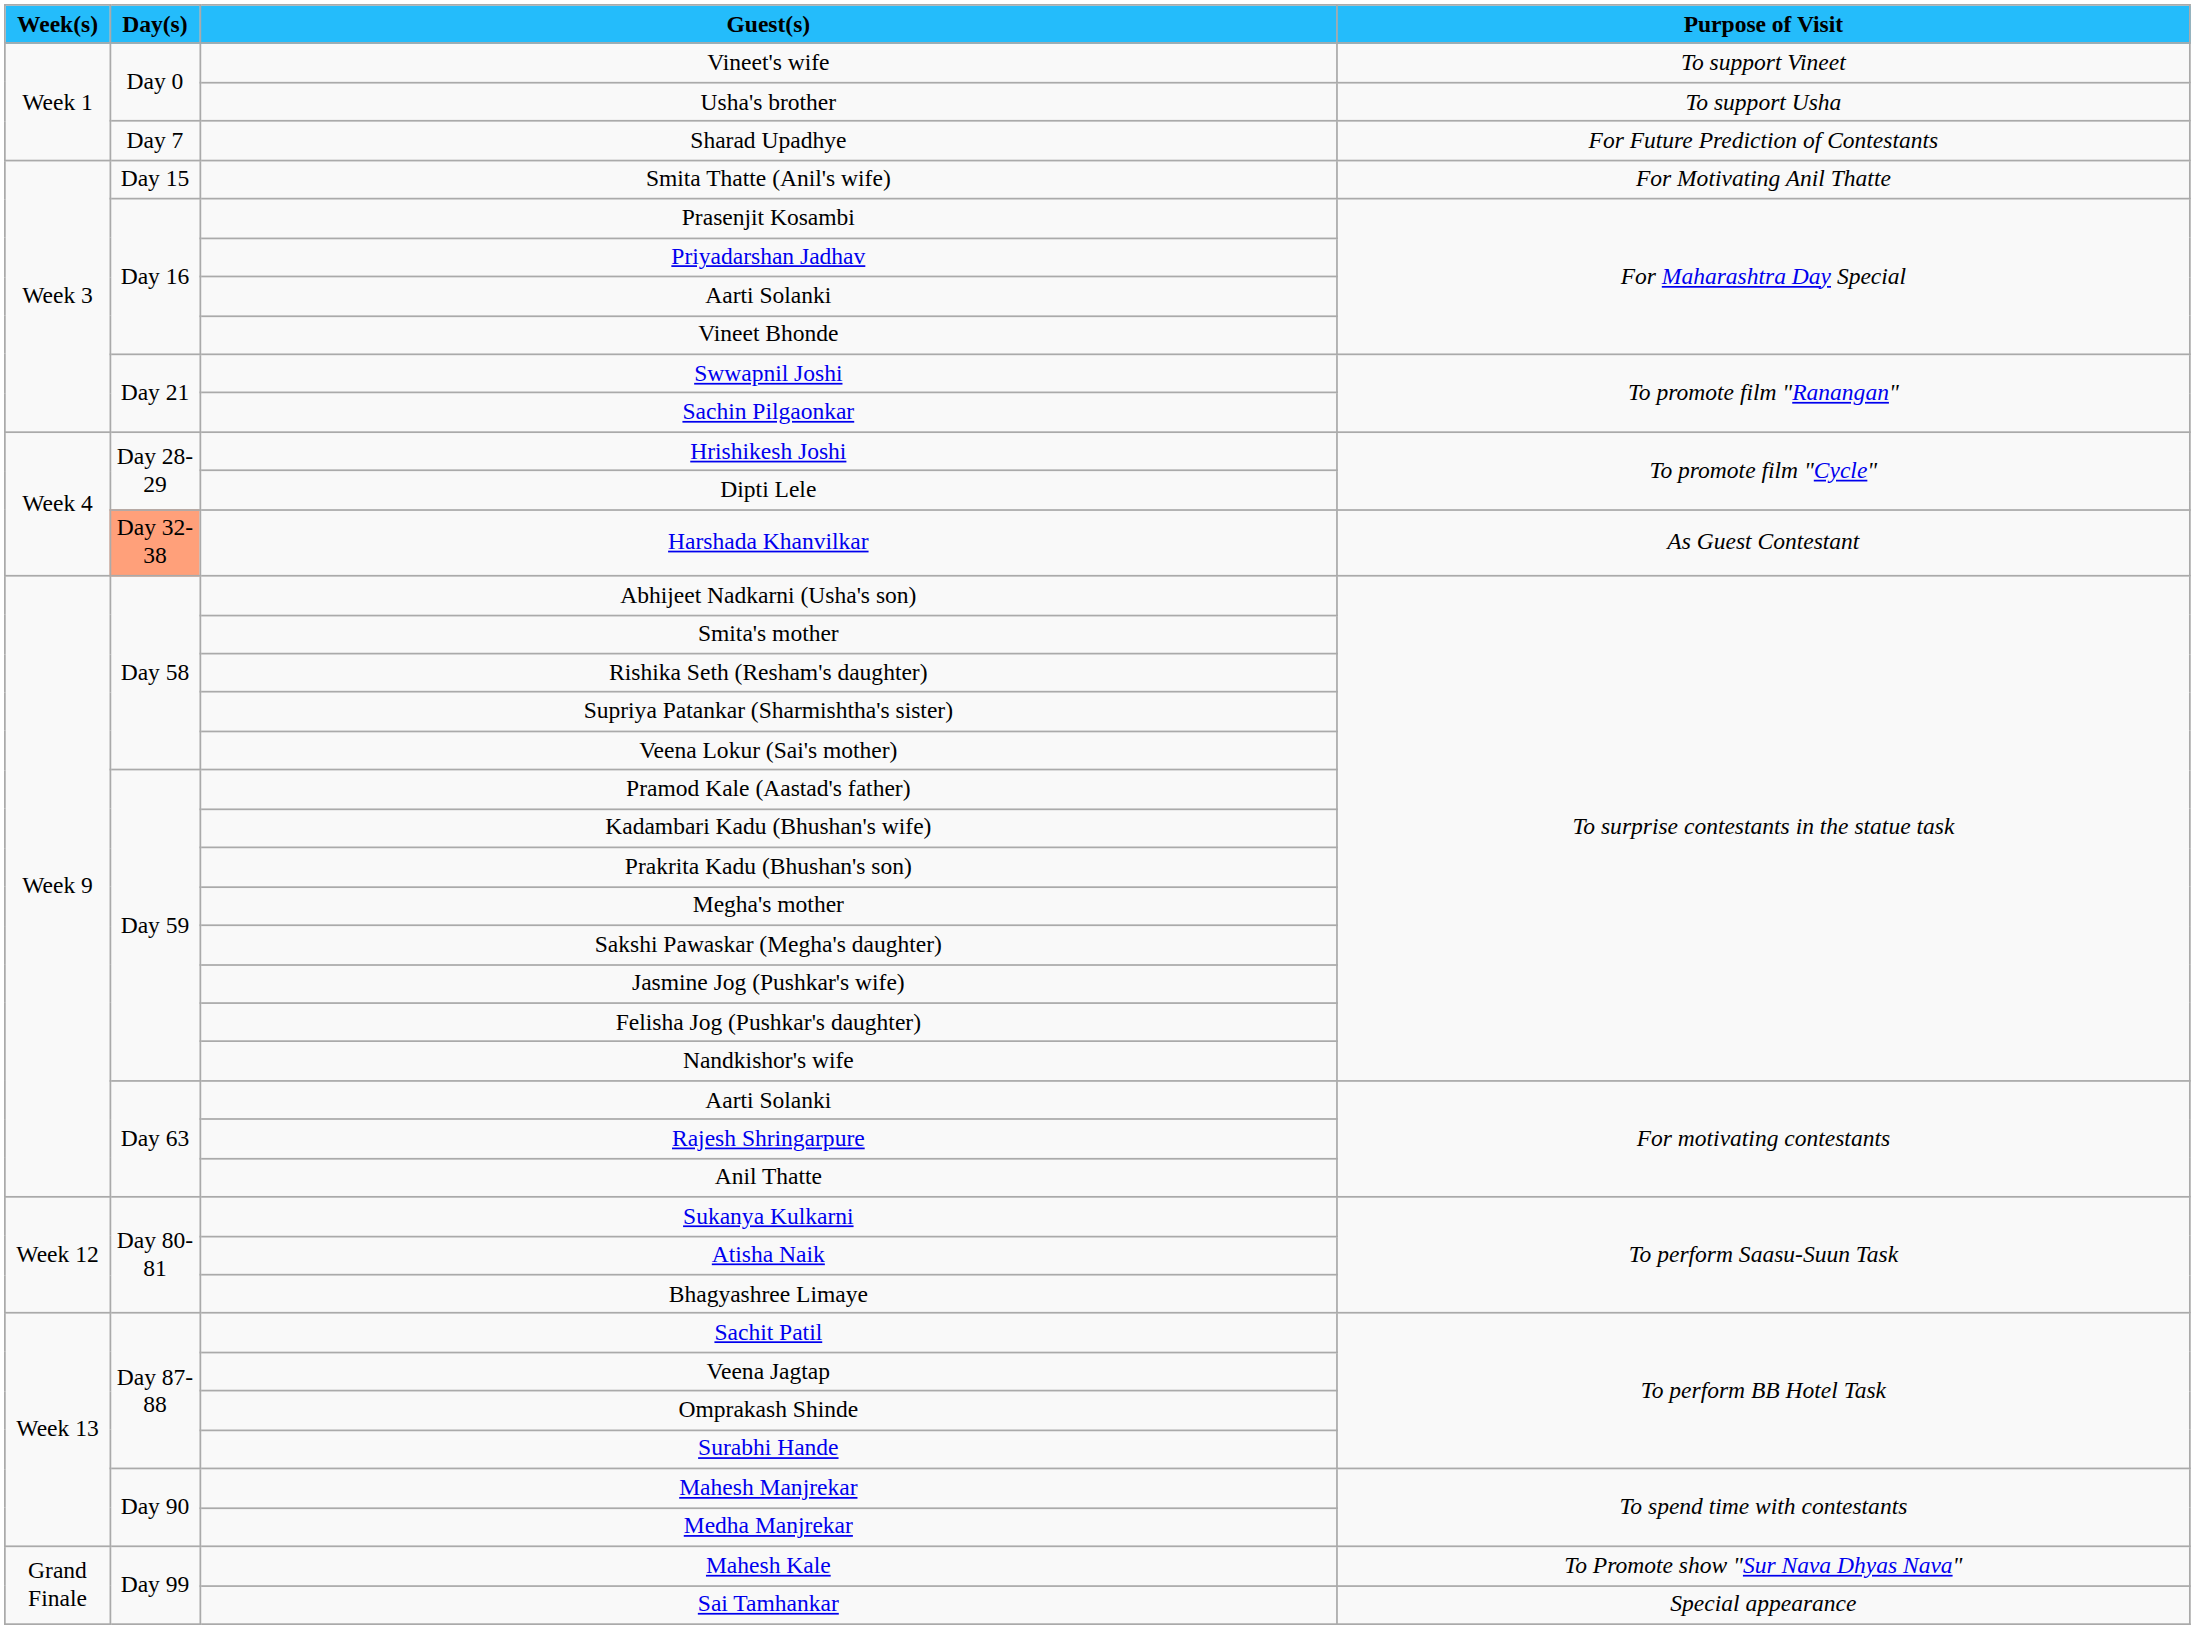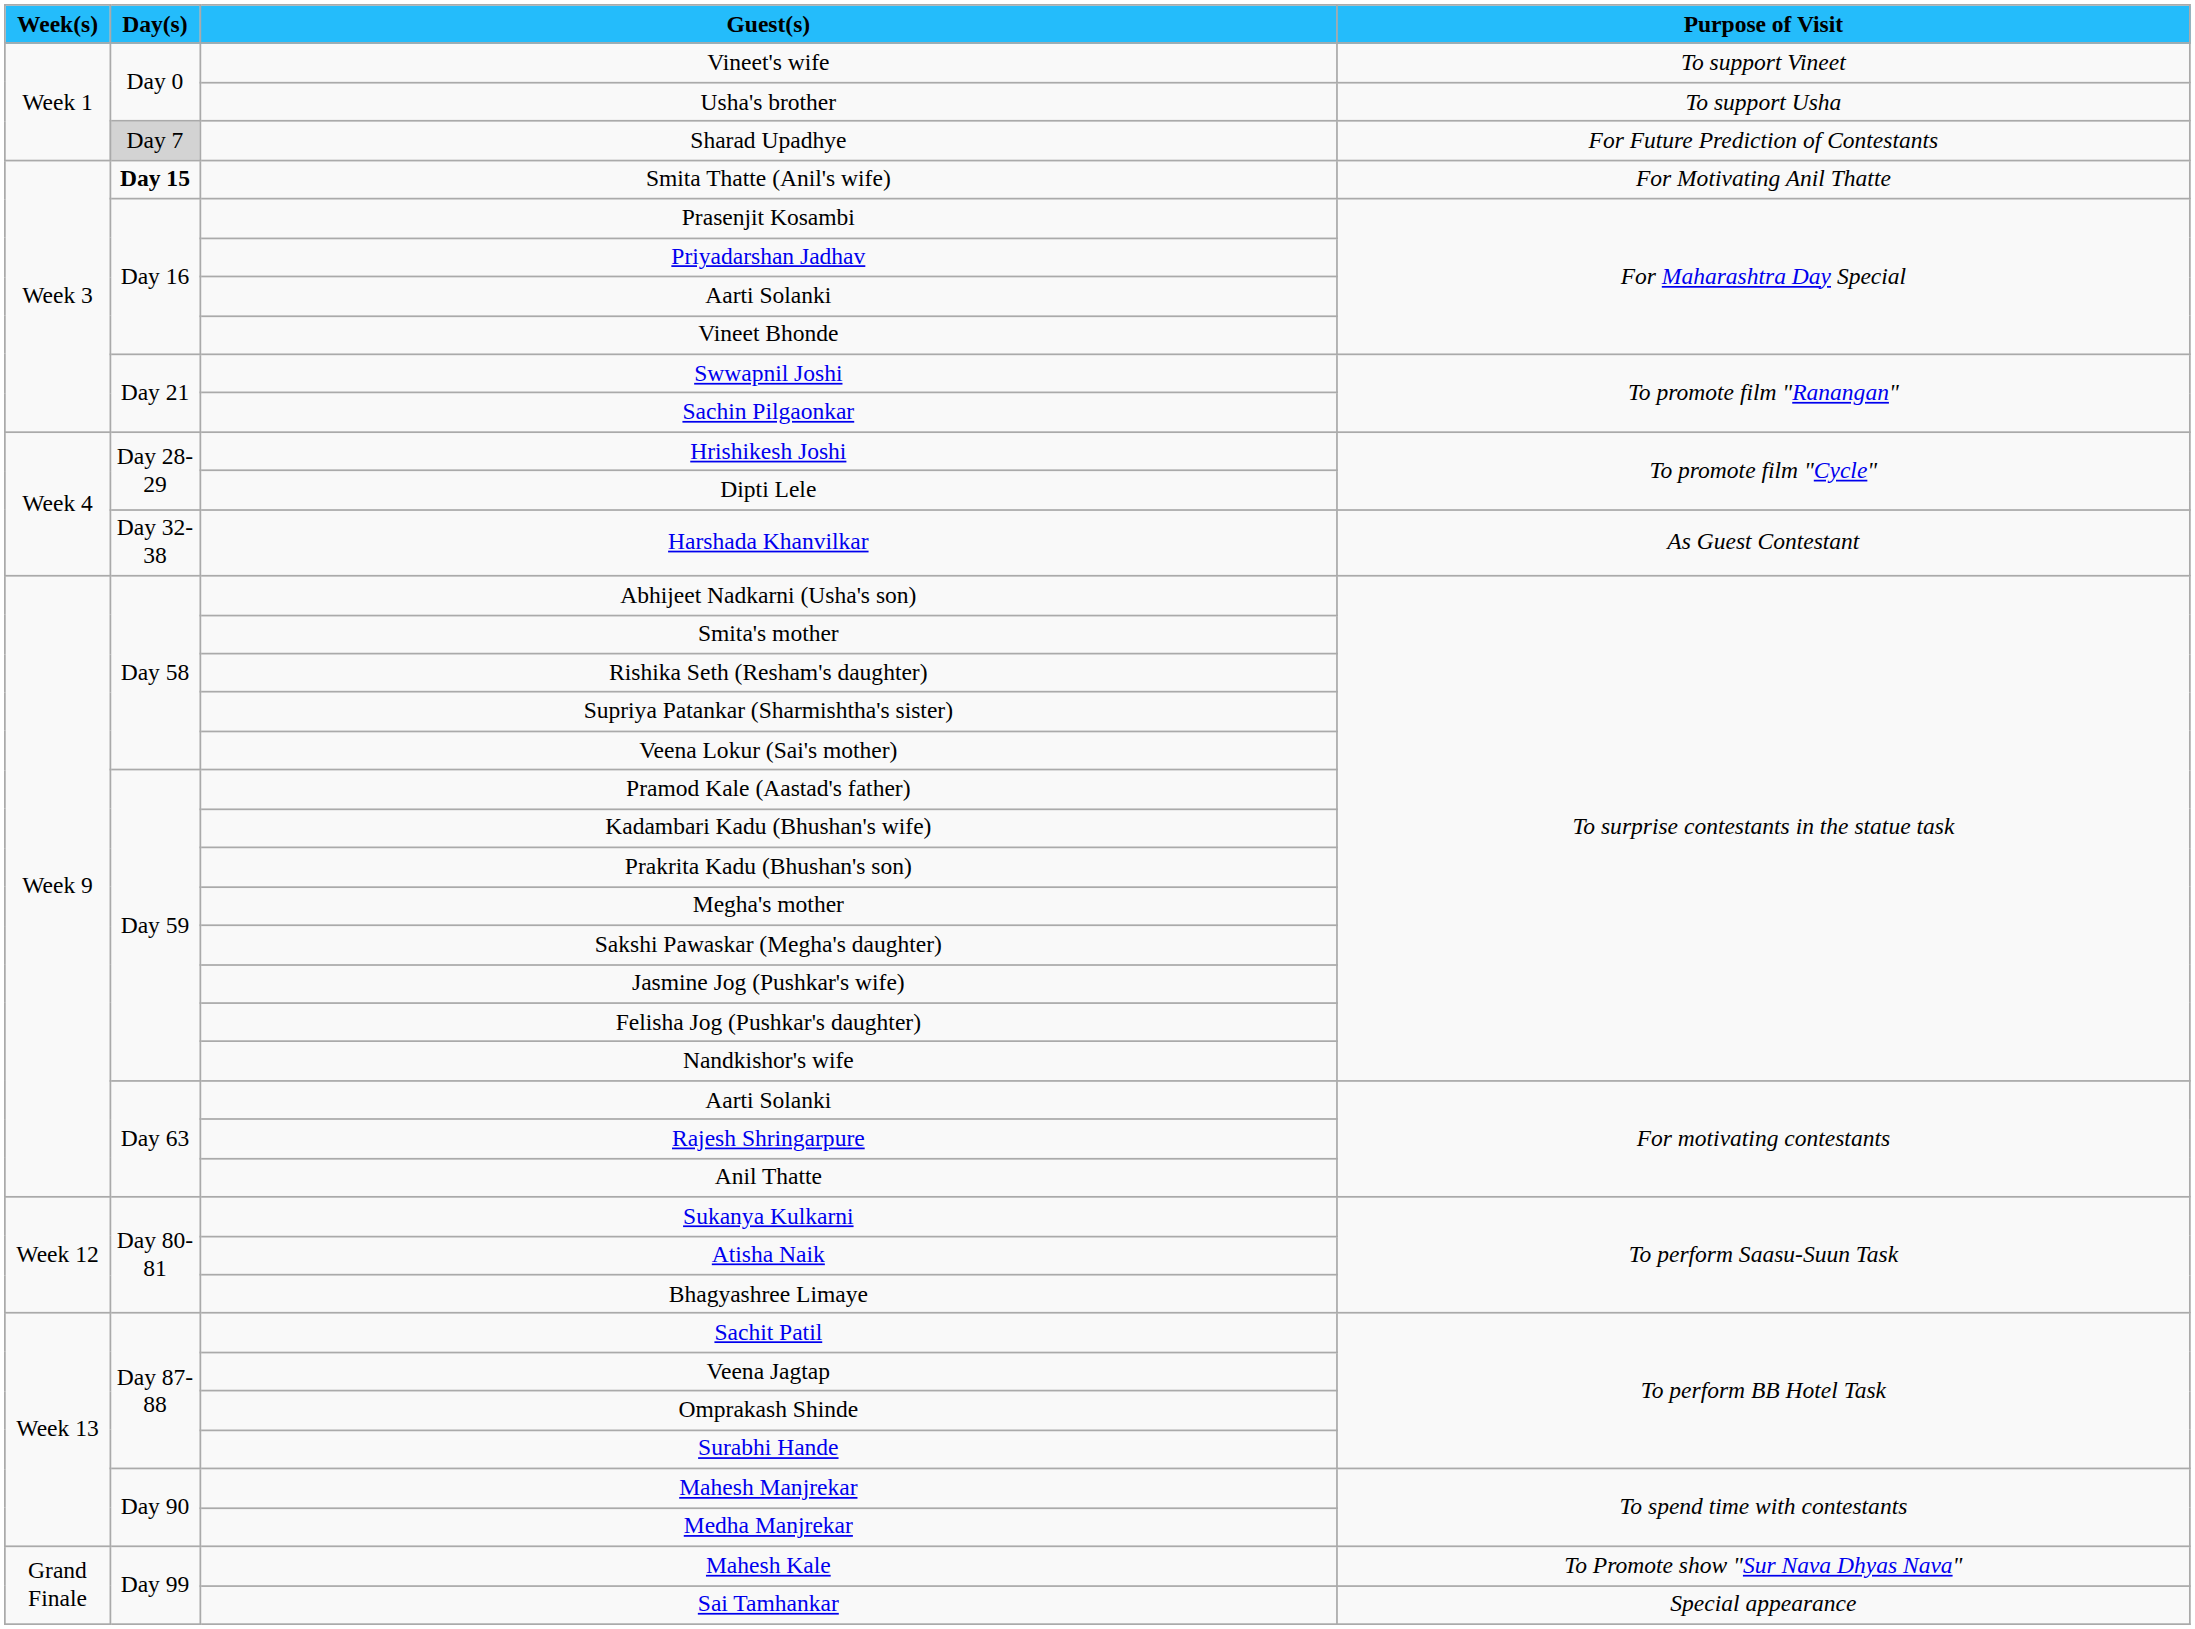 <table class="wikitable" style="text-align:center; font-size:85%; width:100%;">
 <tr>
 <th width="2%" style="background:#24bcfb">Week(s)</th>
 <th width="2%" style="background:#24bcfb">Day(s)</th>
 <th width="40%" style="background:#24bcfb">Guest(s)</th>
 <th width="30%" style="background:#24bcfb">Purpose of Visit</th>
 </tr>
 <tr>
 <td rowspan="3">Week 1</td>
 <td rowspan="2">Day 0</td>
 <td>Vineet's wife</td>
 <td><em>To support Vineet</em></td>
 </tr>
 <tr>
 <td>Usha's brother</td>
 <td><em>To support Usha</em></td>
 </tr>
 <tr>
-<td>Day 7</td>
+<td style="background: lightgrey;">Day 7</td>
 <td>Sharad Upadhye</td>
 <td><em>For Future Prediction of Contestants</em></td>
 </tr>
 <tr>
 <td rowspan="7">Week 3</td>
-<td>Day 15</td>
+<td><strong>Day 15</strong></td>
 <td>Smita Thatte (Anil's wife)</td>
 <td><em>For Motivating Anil Thatte</em></td>
 </tr>
 <tr>
 <td rowspan="4">Day 16</td>
 <td>Prasenjit Kosambi</td>
 <td rowspan="4"><em>For <a href='#'>Maharashtra Day</a> Special</em></td>
 </tr>
 <tr>
 <td><a href='#'>Priyadarshan Jadhav</a></td>
 </tr>
 <tr>
 <td>Aarti Solanki</td>
 </tr>
 <tr>
 <td>Vineet Bhonde</td>
 </tr>
 <tr>
 <td rowspan="2">Day 21</td>
 <td><a href='#'>Swwapnil Joshi</a></td>
 <td rowspan="2"><em>To promote film "<a href='#'>Ranangan</a>"</em></td>
 </tr>
 <tr>
 <td><a href='#'>Sachin Pilgaonkar</a></td>
 </tr>
 <tr>
 <td rowspan="3">Week 4</td>
 <td rowspan="2">Day 28-29</td>
 <td><a href='#'>Hrishikesh Joshi</a></td>
 <td rowspan="2"><em>To promote film "<a href='#'>Cycle</a>"</em></td>
 </tr>
 <tr>
 <td>Dipti Lele</td>
 </tr>
 <tr>
-<td style="background: lightsalmon;">Day 32-38</td>
+<td>Day 32-38</td>
 <td><a href='#'>Harshada Khanvilkar</a></td>
 <td><em>As Guest Contestant</em></td>
 </tr>
 <tr>
 <td rowspan="16">Week 9</td>
 <td rowspan="5">Day 58</td>
 <td>Abhijeet Nadkarni (Usha's son)</td>
 <td rowspan="13"><em>To surprise contestants in the statue task</em></td>
 </tr>
 <tr>
 <td>Smita's mother</td>
 </tr>
 <tr>
 <td>Rishika Seth (Resham's daughter)</td>
 </tr>
 <tr>
 <td>Supriya Patankar (Sharmishtha's sister)</td>
 </tr>
 <tr>
 <td>Veena Lokur (Sai's mother)</td>
 </tr>
 <tr>
 <td rowspan="8">Day 59</td>
 <td>Pramod Kale (Aastad's father)</td>
 </tr>
 <tr>
 <td>Kadambari Kadu (Bhushan's wife)</td>
 </tr>
 <tr>
 <td>Prakrita Kadu (Bhushan's son)</td>
 </tr>
 <tr>
 <td>Megha's mother</td>
 </tr>
 <tr>
 <td>Sakshi Pawaskar (Megha's daughter)</td>
 </tr>
 <tr>
 <td>Jasmine Jog (Pushkar's wife)</td>
 </tr>
 <tr>
 <td>Felisha Jog (Pushkar's daughter)</td>
 </tr>
 <tr>
 <td>Nandkishor's wife</td>
 </tr>
 <tr>
 <td rowspan="3">Day 63</td>
 <td>Aarti Solanki</td>
 <td rowspan="3"><em>For motivating contestants</em></td>
 </tr>
 <tr>
 <td><a href='#'>Rajesh Shringarpure</a></td>
 </tr>
 <tr>
 <td>Anil Thatte</td>
 </tr>
 <tr>
 <td rowspan="3">Week 12</td>
 <td rowspan="3">Day 80-81</td>
 <td><a href='#'>Sukanya Kulkarni</a></td>
 <td rowspan="3"><em>To perform Saasu-Suun Task</em></td>
 </tr>
 <tr>
 <td><a href='#'>Atisha Naik</a></td>
 </tr>
 <tr>
 <td>Bhagyashree Limaye</td>
 </tr>
 <tr>
 <td rowspan="6">Week 13</td>
 <td rowspan="4">Day 87-88</td>
 <td><a href='#'>Sachit Patil</a></td>
 <td rowspan="4"><em>To perform BB Hotel Task</em></td>
 </tr>
 <tr>
 <td>Veena Jagtap</td>
 </tr>
 <tr>
 <td>Omprakash Shinde</td>
 </tr>
 <tr>
 <td><a href='#'>Surabhi Hande</a></td>
 </tr>
 <tr>
 <td rowspan="2">Day 90</td>
 <td><a href='#'>Mahesh Manjrekar</a></td>
 <td rowspan="2"><em>To spend time with contestants</em></td>
 </tr>
 <tr>
 <td><a href='#'>Medha Manjrekar</a></td>
 </tr>
 <tr>
 <td rowspan="2">Grand Finale</td>
 <td rowspan="2">Day 99</td>
 <td><a href='#'>Mahesh Kale</a></td>
 <td><em>To Promote show "<a href='#'>Sur Nava Dhyas Nava</a>"</em></td>
 </tr>
 <tr>
 <td><a href='#'>Sai Tamhankar</a></td>
 <td><em>Special appearance</em></td>
 </tr>
 </table>
